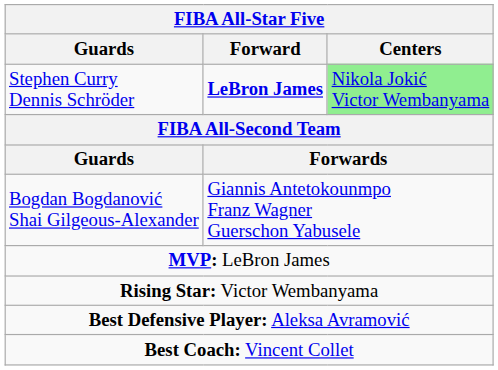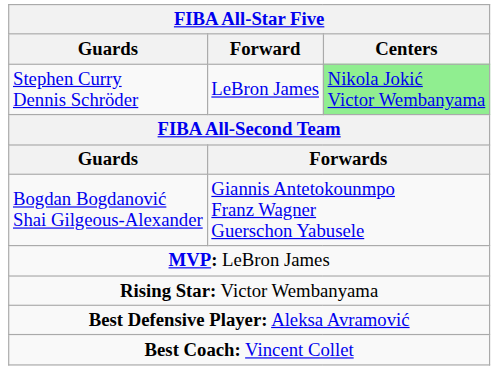 <table class=wikitable style="margin:auto">
 <tr>
 <th colspan=3 align=center><a href='#'>FIBA All-Star Five</a></th>
 </tr>
 <tr>
 <th>Guards</th>
 <th>Forward</th>
 <th>Centers</th>
 </tr>
 <tr>
 <td> <a href='#'>Stephen Curry</a><br> <a href='#'>Dennis Schröder</a></td>
-<td><strong> <a href='#'>LeBron James</a></strong></td>
+<td> <a href='#'>LeBron James</a></td>
 <td style="background: lightgreen;"> <a href='#'>Nikola Jokić</a><br> <a href='#'>Victor Wembanyama</a></td>
 </tr>
 <tr>
 <th colspan=3 align=center><a href='#'>FIBA All-Second Team</a></th>
 </tr>
 <tr>
 <th>Guards</th>
 <th colspan=2>Forwards</th>
 </tr>
 <tr>
 <td> <a href='#'>Bogdan Bogdanović</a><br> <a href='#'>Shai Gilgeous-Alexander</a></td>
 <td colspan=2> <a href='#'>Giannis Antetokounmpo</a><br> <a href='#'>Franz Wagner</a><br> <a href='#'>Guerschon Yabusele</a></td>
 </tr>
 <tr>
 <td colspan=3 align=center><strong><a href='#'>MVP</a>:</strong>  LeBron James</td>
 </tr>
 <tr>
 <td colspan=3 align=center><strong>Rising Star:</strong>  Victor Wembanyama</td>
 </tr>
 <tr>
 <td colspan="3" align=center><strong>Best Defensive Player:</strong>  <a href='#'>Aleksa Avramović</a></td>
 </tr>
 <tr>
 <td colspan=3 align=center><strong>Best Coach:</strong>  <a href='#'>Vincent Collet</a></td>
 </tr>
 </table>
